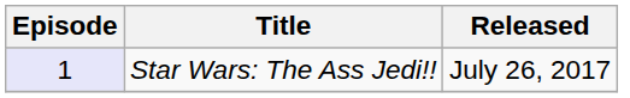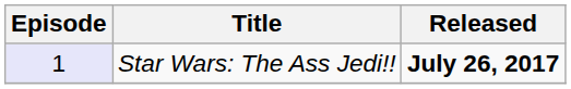 <table class="wikitable">
 <tr>
 <th>Episode</th>
 <th>Title</th>
 <th>Released</th>
 </tr>
 <tr>
 <td align="center" style="background: lavender;">1</td>
 <td><em>Star Wars: The Ass Jedi!!</em></td>
-<td align="center">July 26, 2017</td>
+<td align="center"><strong>July 26, 2017</strong></td>
 </tr>
 <tr>
 </tr>
 </table>
